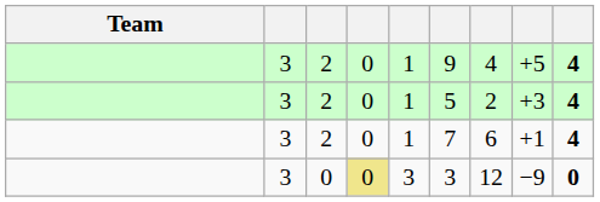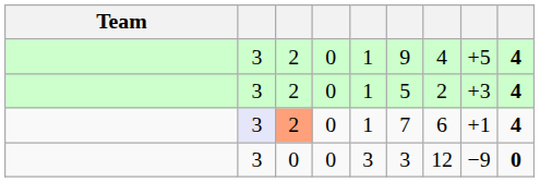 <table class="wikitable" style="text-align:center">
 <tr>
 <th width=165>Team</th>
 <th width=20></th>
 <th width=20></th>
 <th width=20></th>
 <th width=20></th>
 <th width=20></th>
 <th width=20></th>
 <th width=20></th>
 <th width=20></th>
 </tr>
 <tr bgcolor=ccffcc>
 <td align=left></td>
 <td>3</td>
 <td>2</td>
 <td>0</td>
 <td>1</td>
 <td>9</td>
 <td>4</td>
 <td>+5</td>
 <td><strong>4</strong></td>
 </tr>
 <tr bgcolor=ccffcc>
 <td align=left></td>
 <td>3</td>
 <td>2</td>
 <td>0</td>
 <td>1</td>
 <td>5</td>
 <td>2</td>
 <td>+3</td>
 <td><strong>4</strong></td>
 </tr>
 <tr>
 <td align=left></td>
-<td>3</td>
-<td>2</td>
+<td style="background: lavender;">3</td>
+<td style="background: lightsalmon;">2</td>
 <td>0</td>
 <td>1</td>
 <td>7</td>
 <td>6</td>
 <td>+1</td>
 <td><strong>4</strong></td>
 </tr>
 <tr>
 <td align=left></td>
 <td>3</td>
 <td>0</td>
-<td style="background: khaki;">0</td>
+<td>0</td>
 <td>3</td>
 <td>3</td>
 <td>12</td>
 <td>−9</td>
 <td><strong>0</strong></td>
 </tr>
 </table>
